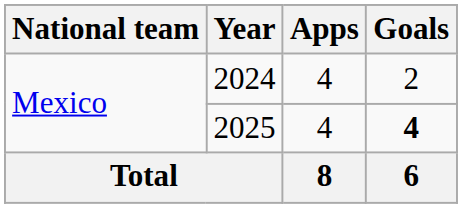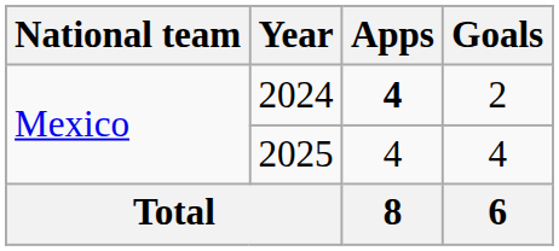 <table class="wikitable">
 <tr>
 <th>National team</th>
 <th>Year</th>
 <th>Apps</th>
 <th>Goals</th>
 </tr>
 <tr>
 <td rowspan="2"><a href='#'>Mexico</a></td>
 <td>2024</td>
-<td align="center">4</td>
+<td align="center"><strong>4</strong></td>
 <td align="center">2</td>
 </tr>
 <tr>
 <td>2025</td>
 <td align="center">4</td>
-<td align="center"><strong>4</strong></td>
+<td align="center">4</td>
 </tr>
 <tr>
 <th colspan="2">Total</th>
 <th>8</th>
 <th>6</th>
 </tr>
 </table>
